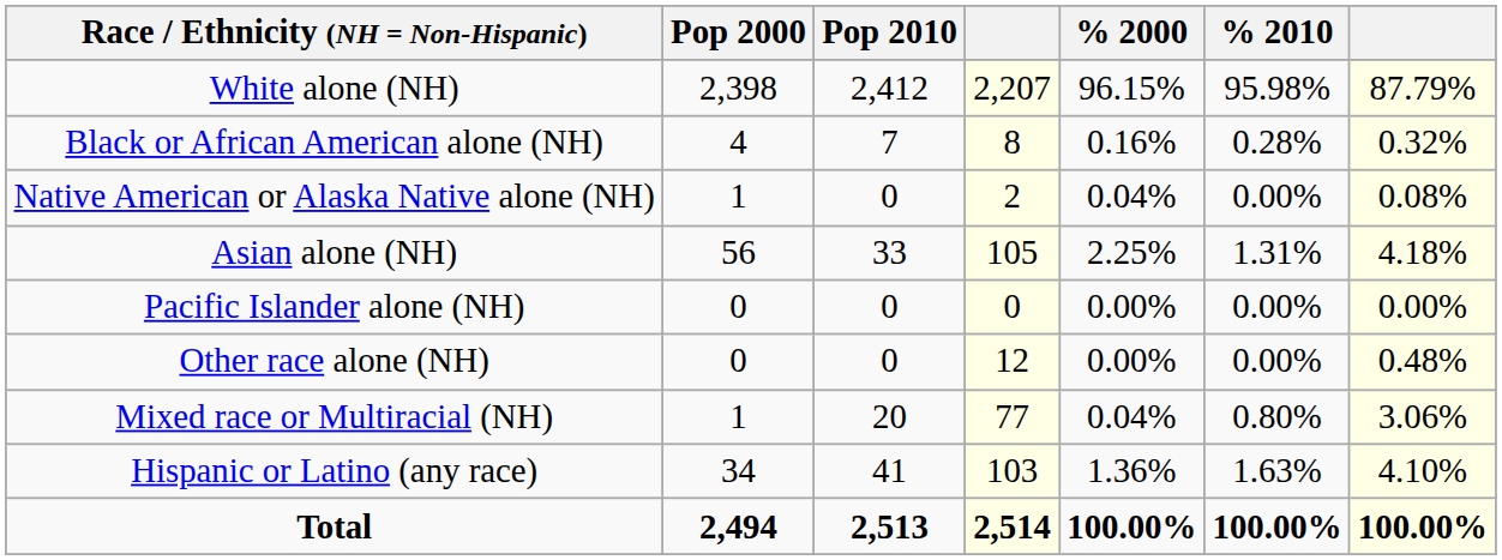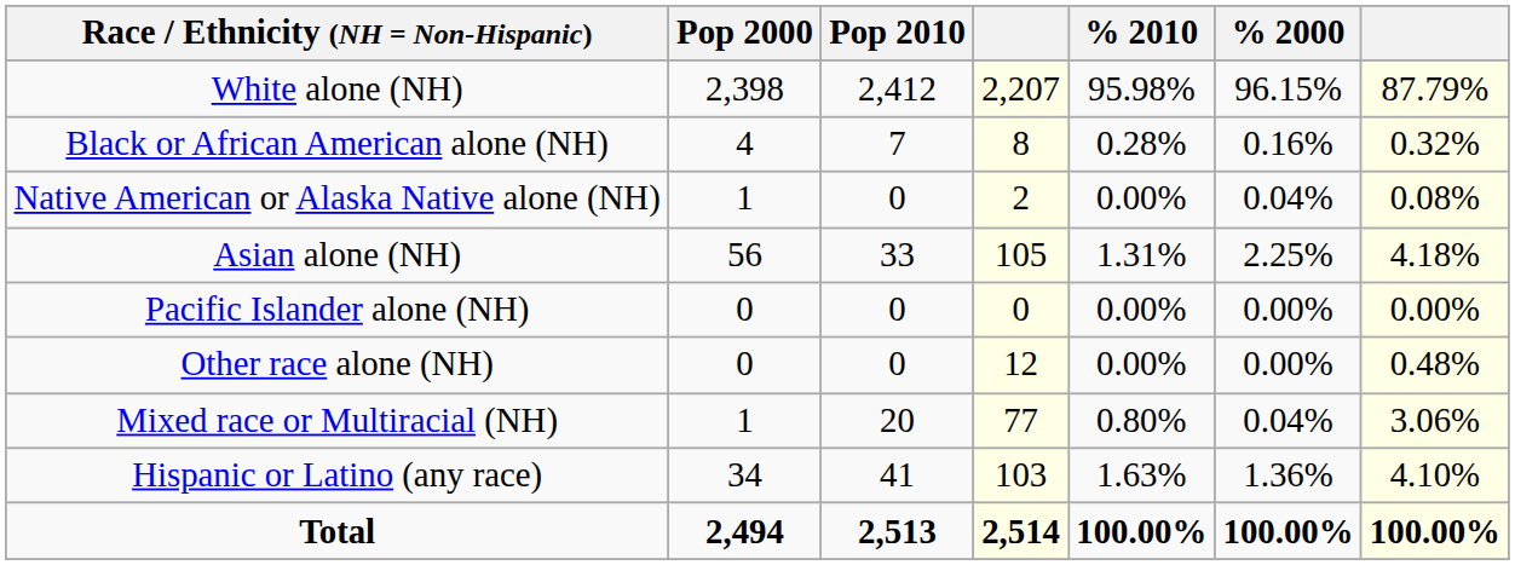 <table class="wikitable" style="text-align:center;">
 <tr>
 <th>Race / Ethnicity <small>(<em>NH = Non-Hispanic</em>)</small></th>
 <th>Pop 2000</th>
 <th>Pop 2010</th>
 <th></th>
+<th>% 2010</th>
 <th>% 2000</th>
-<th>% 2010</th>
 <th></th>
 </tr>
 <tr>
 <td><a href='#'>White</a> alone (NH)</td>
 <td>2,398</td>
 <td>2,412</td>
 <td style='background: #ffffe6;'>2,207</td>
+<td>95.98%</td>
 <td>96.15%</td>
-<td>95.98%</td>
 <td style='background: #ffffe6;'>87.79%</td>
 </tr>
 <tr>
 <td><a href='#'>Black or African American</a> alone (NH)</td>
 <td>4</td>
 <td>7</td>
 <td style='background: #ffffe6;'>8</td>
+<td>0.28%</td>
 <td>0.16%</td>
-<td>0.28%</td>
 <td style='background: #ffffe6;'>0.32%</td>
 </tr>
 <tr>
 <td><a href='#'>Native American</a> or <a href='#'>Alaska Native</a> alone (NH)</td>
 <td>1</td>
 <td>0</td>
 <td style='background: #ffffe6;'>2</td>
+<td>0.00%</td>
 <td>0.04%</td>
-<td>0.00%</td>
 <td style='background: #ffffe6;'>0.08%</td>
 </tr>
 <tr>
 <td><a href='#'>Asian</a> alone (NH)</td>
 <td>56</td>
 <td>33</td>
 <td style='background: #ffffe6;'>105</td>
+<td>1.31%</td>
 <td>2.25%</td>
-<td>1.31%</td>
 <td style='background: #ffffe6;'>4.18%</td>
 </tr>
 <tr>
 <td><a href='#'>Pacific Islander</a> alone (NH)</td>
 <td>0</td>
 <td>0</td>
 <td style='background: #ffffe6;'>0</td>
 <td>0.00%</td>
 <td>0.00%</td>
 <td style='background: #ffffe6;'>0.00%</td>
 </tr>
 <tr>
 <td><a href='#'>Other race</a> alone (NH)</td>
 <td>0</td>
 <td>0</td>
 <td style='background: #ffffe6;'>12</td>
 <td>0.00%</td>
 <td>0.00%</td>
 <td style='background: #ffffe6;'>0.48%</td>
 </tr>
 <tr>
 <td><a href='#'>Mixed race or Multiracial</a> (NH)</td>
 <td>1</td>
 <td>20</td>
 <td style='background: #ffffe6;'>77</td>
+<td>0.80%</td>
 <td>0.04%</td>
-<td>0.80%</td>
 <td style='background: #ffffe6;'>3.06%</td>
 </tr>
 <tr>
 <td><a href='#'>Hispanic or Latino</a> (any race)</td>
 <td>34</td>
 <td>41</td>
 <td style='background: #ffffe6;'>103</td>
+<td>1.63%</td>
 <td>1.36%</td>
-<td>1.63%</td>
 <td style='background: #ffffe6;'>4.10%</td>
 </tr>
 <tr>
 <td><strong>Total</strong></td>
 <td><strong>2,494</strong></td>
 <td><strong>2,513</strong></td>
 <td style='background: #ffffe6;'><strong>2,514</strong></td>
 <td><strong>100.00%</strong></td>
 <td><strong>100.00%</strong></td>
 <td style='background: #ffffe6;'><strong>100.00%</strong></td>
 </tr>
 </table>
